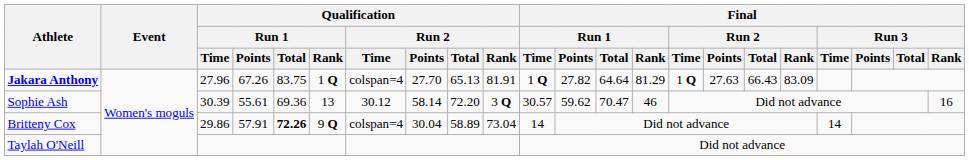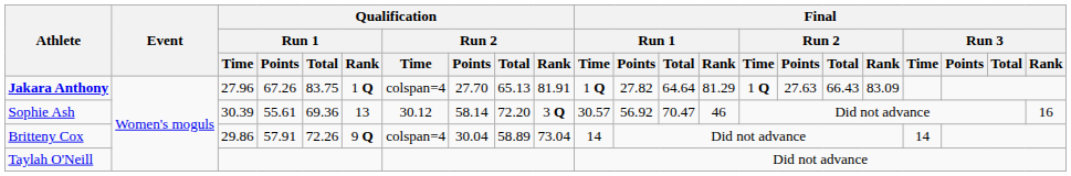 <table class=wikitable style=font-size:90%;text-align:center>
 <tr>
 <th rowspan=3>Athlete</th>
 <th rowspan=3>Event</th>
 <th colspan=8>Qualification</th>
 <th colspan=12>Final</th>
 </tr>
 <tr>
 <th colspan=4>Run 1</th>
 <th colspan=4>Run 2</th>
 <th colspan=4>Run 1</th>
 <th colspan=4>Run 2</th>
 <th colspan=4>Run 3</th>
 </tr>
 <tr>
 <th>Time</th>
 <th>Points</th>
 <th>Total</th>
 <th>Rank</th>
 <th>Time</th>
 <th>Points</th>
 <th>Total</th>
 <th>Rank</th>
 <th>Time</th>
 <th>Points</th>
 <th>Total</th>
 <th>Rank</th>
 <th>Time</th>
 <th>Points</th>
 <th>Total</th>
 <th>Rank</th>
 <th>Time</th>
 <th>Points</th>
 <th>Total</th>
 <th>Rank</th>
 </tr>
 <tr>
 <td align=left><strong><a href='#'>Jakara Anthony</a></strong></td>
 <td rowspan=4 align=left><a href='#'>Women's moguls</a></td>
 <td>27.96</td>
 <td>67.26</td>
 <td>83.75</td>
 <td>1 <strong>Q</strong></td>
 <td>colspan=4 </td>
 <td>27.70</td>
 <td>65.13</td>
 <td>81.91</td>
 <td>1 <strong>Q</strong></td>
 <td>27.82</td>
 <td>64.64</td>
 <td>81.29</td>
 <td>1 <strong>Q</strong></td>
 <td>27.63</td>
 <td>66.43</td>
 <td>83.09</td>
 <td></td>
 </tr>
 <tr>
 <td align=left><a href='#'>Sophie Ash</a></td>
 <td>30.39</td>
 <td>55.61</td>
 <td>69.36</td>
 <td>13</td>
 <td>30.12</td>
 <td>58.14</td>
 <td>72.20</td>
 <td>3 <strong>Q</strong></td>
 <td>30.57</td>
-<td>59.62</td>
+<td>56.92</td>
 <td>70.47</td>
 <td>46</td>
 <td colspan=7>Did not advance</td>
 <td>16</td>
 </tr>
 <tr>
 <td align=left><a href='#'>Britteny Cox</a></td>
 <td>29.86</td>
 <td>57.91</td>
-<td><strong>72.26</strong></td>
+<td>72.26</td>
 <td>9 <strong>Q</strong></td>
 <td>colspan=4 </td>
 <td>30.04</td>
 <td>58.89</td>
 <td>73.04</td>
 <td>14</td>
 <td colspan=7>Did not advance</td>
 <td>14</td>
 </tr>
 <tr>
 <td align=left><a href='#'>Taylah O'Neill</a></td>
 <td colspan=4></td>
 <td colspan=4></td>
 <td colspan=12>Did not advance</td>
 </tr>
 </table>
